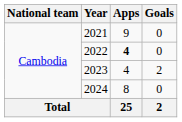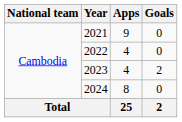 <table class="wikitable" style="text-align:center">
 <tr>
 <th>National team</th>
 <th>Year</th>
 <th>Apps</th>
 <th>Goals</th>
 </tr>
 <tr>
 <td rowspan="4"><a href='#'>Cambodia</a></td>
 <td>2021</td>
 <td>9</td>
 <td>0</td>
 </tr>
 <tr>
 <td>2022</td>
-<td><strong>4</strong></td>
+<td>4</td>
 <td>0</td>
 </tr>
 <tr>
 <td>2023</td>
 <td>4</td>
 <td>2</td>
 </tr>
 <tr>
 <td>2024</td>
 <td>8</td>
 <td>0</td>
 </tr>
 <tr>
 <th colspan=2>Total</th>
 <th>25</th>
 <th>2</th>
 </tr>
 </table>
